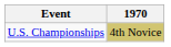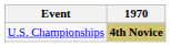 <table class="wikitable" style="text-align:center">
 <tr>
 <th>Event</th>
 <th>1970</th>
 </tr>
 <tr>
 <td align=left><a href='#'>U.S. Championships</a></td>
-<td bgcolor=d1c571>4th Novice</td>
+<td bgcolor=d1c571><strong>4th Novice</strong></td>
 </tr>
 </table>
